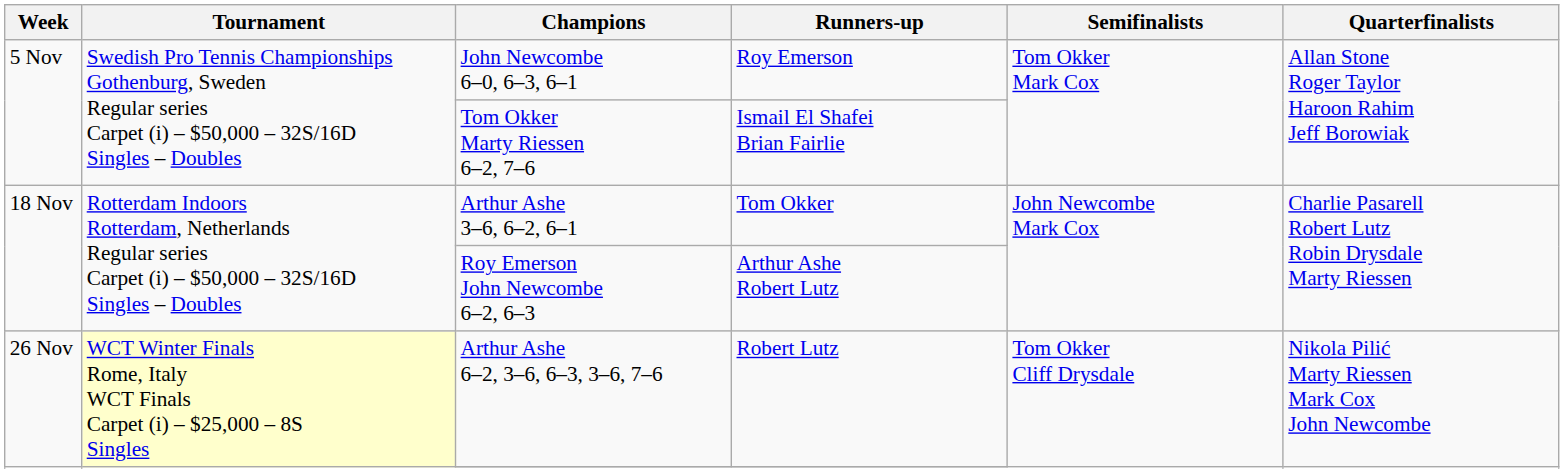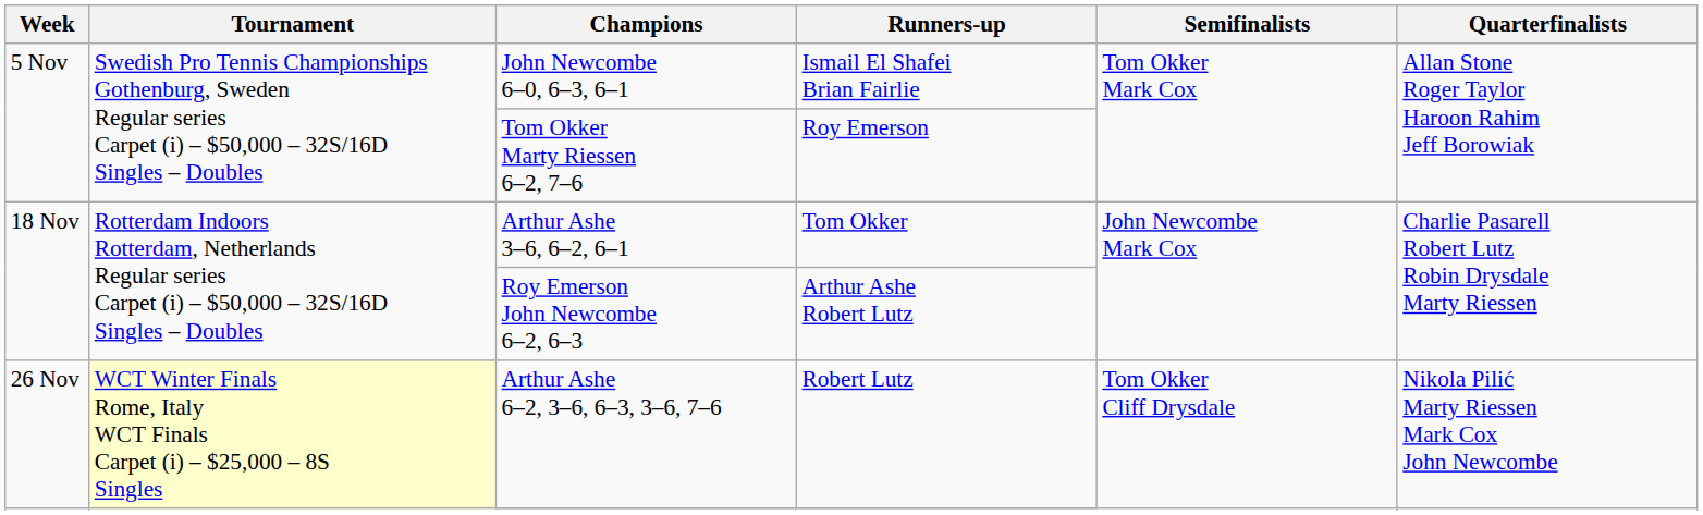 <table class=wikitable style=font-size:95%>
 <tr>
 <th style="width:48px;">Week</th>
 <th style="width:260px;">Tournament</th>
 <th style="width:190px;">Champions</th>
 <th style="width:190px;">Runners-up</th>
 <th style="width:190px;">Semifinalists</th>
 <th style="width:190px;">Quarterfinalists</th>
 </tr>
 <tr valign=top>
 <td rowspan=2>5 Nov</td>
 <td rowspan=2><a href='#'>Swedish Pro Tennis Championships</a><br> <a href='#'>Gothenburg</a>, Sweden<br>Regular series<br>Carpet (i) – $50,000 – 32S/16D<br><a href='#'>Singles</a> – <a href='#'>Doubles</a></td>
 <td> <a href='#'>John Newcombe</a><br>6–0, 6–3, 6–1</td>
-<td> <a href='#'>Roy Emerson</a></td>
+<td> <a href='#'>Ismail El Shafei</a><br> <a href='#'>Brian Fairlie</a></td>
 <td rowspan=2> <a href='#'>Tom Okker</a><br> <a href='#'>Mark Cox</a></td>
 <td rowspan=2> <a href='#'>Allan Stone</a><br> <a href='#'>Roger Taylor</a><br> <a href='#'>Haroon Rahim</a><br> <a href='#'>Jeff Borowiak</a></td>
 </tr>
 <tr valign=top>
 <td> <a href='#'>Tom Okker</a><br> <a href='#'>Marty Riessen</a><br>6–2, 7–6</td>
-<td> <a href='#'>Ismail El Shafei</a><br> <a href='#'>Brian Fairlie</a></td>
+<td> <a href='#'>Roy Emerson</a></td>
 </tr>
 <tr valign=top>
 <td rowspan=2>18 Nov</td>
 <td rowspan=2><a href='#'>Rotterdam Indoors</a><br> <a href='#'>Rotterdam</a>, Netherlands<br>Regular series<br>Carpet (i) – $50,000 – 32S/16D<br><a href='#'>Singles</a> – <a href='#'>Doubles</a></td>
 <td> <a href='#'>Arthur Ashe</a><br>3–6, 6–2, 6–1</td>
 <td> <a href='#'>Tom Okker</a></td>
 <td rowspan=2> <a href='#'>John Newcombe</a><br> <a href='#'>Mark Cox</a></td>
 <td rowspan=2> <a href='#'>Charlie Pasarell</a><br> <a href='#'>Robert Lutz</a><br> <a href='#'>Robin Drysdale</a><br> <a href='#'>Marty Riessen</a></td>
 </tr>
 <tr valign=top>
 <td> <a href='#'>Roy Emerson</a><br> <a href='#'>John Newcombe</a><br>6–2, 6–3</td>
 <td> <a href='#'>Arthur Ashe</a><br> <a href='#'>Robert Lutz</a></td>
 </tr>
 <tr valign=top>
 <td rowspan=2>26 Nov</td>
 <td bgcolor=#ffffcc rowspan=2><a href='#'>WCT Winter Finals</a><br> Rome, Italy<br>WCT Finals<br>Carpet (i) – $25,000 – 8S<br><a href='#'>Singles</a></td>
 <td> <a href='#'>Arthur Ashe</a><br>6–2, 3–6, 6–3, 3–6, 7–6</td>
 <td> <a href='#'>Robert Lutz</a></td>
 <td rowspan=2> <a href='#'>Tom Okker</a><br> <a href='#'>Cliff Drysdale</a></td>
 <td rowspan=2> <a href='#'>Nikola Pilić</a><br> <a href='#'>Marty Riessen</a><br> <a href='#'>Mark Cox</a><br> <a href='#'>John Newcombe</a></td>
 </tr>
 <tr valign=top>
 </tr>
 </table>
